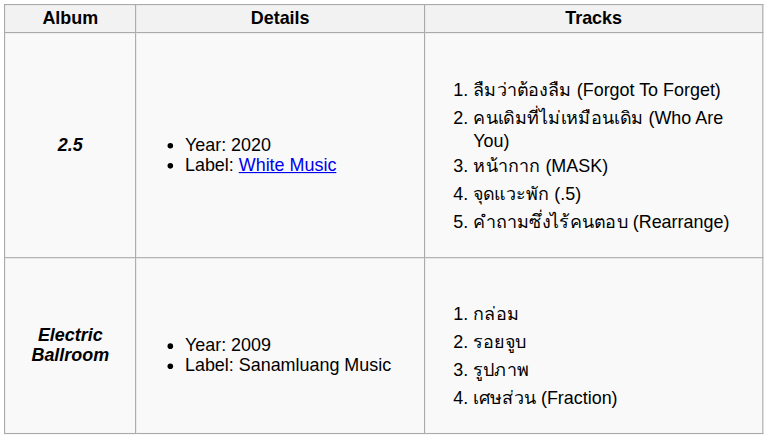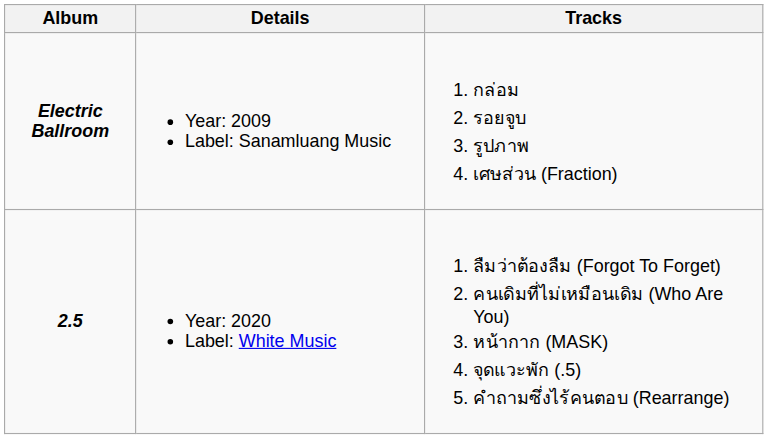 <table class="wikitable">
 <tr>
 <th width="110px">Album</th>
 <th width="250px">Details</th>
 <th width="295px">Tracks</th>
 </tr>
 <tr>
+<td align="center"><strong><em>Electric Ballroom</em></strong></td>
+<td><br><ul><li>Year: 2009</li><li>Label: Sanamluang Music</li></ul></td>
+<td><br><ol><li>กล่อม</li><li>รอยจูบ</li><li>รูปภาพ</li><li>เศษส่วน (Fraction)</li></ol></td>
+</tr>
+<tr>
 <td align="center"><strong><em>2.5</em></strong></td>
 <td><br><ul><li>Year: 2020</li><li>Label: <a href='#'>White Music</a></li></ul></td>
 <td><br><ol><li>ลืมว่าต้องลืม (Forgot To Forget)</li><li>คนเดิมที่ไม่เหมือนเดิม (Who Are You)</li><li>หน้ากาก (MASK)</li><li>จุดแวะพัก (.5)</li><li>คำถามซึ่งไร้คนตอบ (Rearrange)</li></ol></td>
 </tr>
-<tr>
-<td align="center"><strong><em>Electric Ballroom</em></strong></td>
-<td><br><ul><li>Year: 2009</li><li>Label: Sanamluang Music</li></ul></td>
-<td><br><ol><li>กล่อม</li><li>รอยจูบ</li><li>รูปภาพ</li><li>เศษส่วน (Fraction)</li></ol></td>
-</tr>
 </table>
